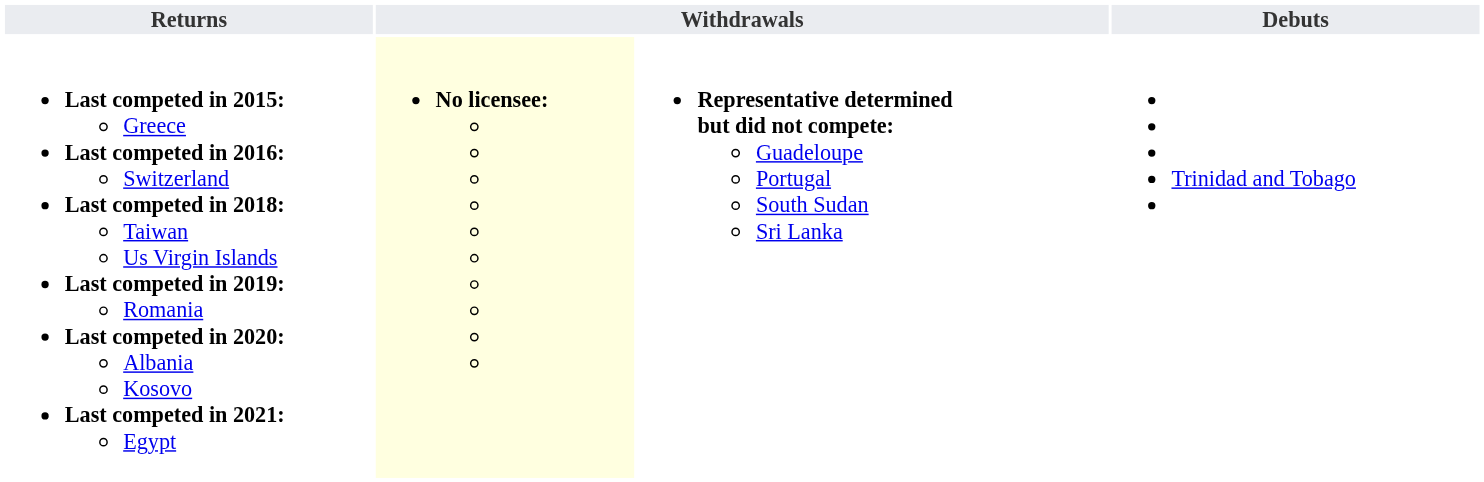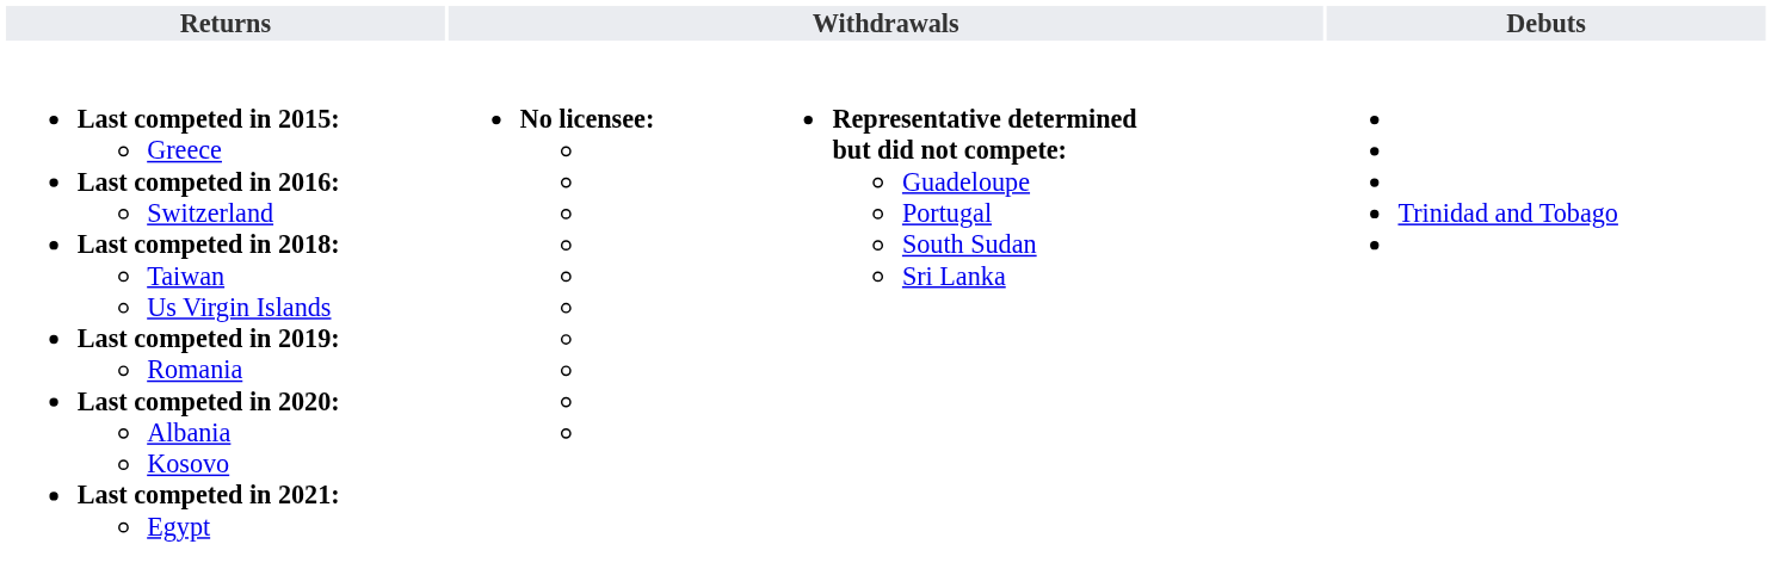 <table style="font-size: 95%">
 <tr>
 <th width=250px style = "background: #eaecf0; color:#333333; ">Returns</th>
 <th colspan=2 width=500px style = "background: #eaecf0; color:#333333; ">Withdrawals</th>
 <th width=250px style = "background: #eaecf0; color:#333333; ">Debuts</th>
 </tr>
 <tr>
 <td valign = "top"><br><ul><li><strong>Last competed in 2015:</strong><ul><li> <a href='#'>Greece</a></li></ul></li><li><strong>Last competed in 2016:</strong><ul><li> <a href='#'>Switzerland</a></li></ul></li><li><strong>Last competed in 2018:</strong><ul><li> <a href='#'>Taiwan</a></li><li> <a href='#'>Us Virgin Islands</a></li></ul></li><li><strong>Last competed in 2019:</strong><ul><li> <a href='#'>Romania</a></li></ul></li><li><strong>Last competed in 2020:</strong><ul><li> <a href='#'>Albania</a></li><li> <a href='#'>Kosovo</a></li></ul></li><li><strong>Last competed in 2021:</strong><ul><li> <a href='#'>Egypt</a></li></ul></li></ul></td>
-<td valign = "top" style="background: lightyellow;"><br><ul><li><strong>No licensee:</strong><ul><li></li><li></li><li></li><li></li><li></li><li></li><li></li><li></li><li></li><li></li></ul></li></ul></td>
+<td valign = "top"><br><ul><li><strong>No licensee:</strong><ul><li></li><li></li><li></li><li></li><li></li><li></li><li></li><li></li><li></li><li></li></ul></li></ul></td>
 <td valign = "top"><br><ul><li><strong>Representative determined<br>but did not compete:</strong><ul><li> <a href='#'>Guadeloupe</a></li><li> <a href='#'>Portugal</a></li><li> <a href='#'>South Sudan</a></li><li> <a href='#'>Sri Lanka</a></li></ul></li></ul></td>
 <td valign = "top"><br><ul><li></li><li></li><li></li><li> <a href='#'>Trinidad and Tobago</a></li><li></li></ul></td>
 </tr>
 <tr>
 </tr>
 </table>
